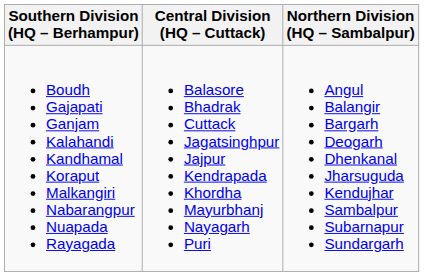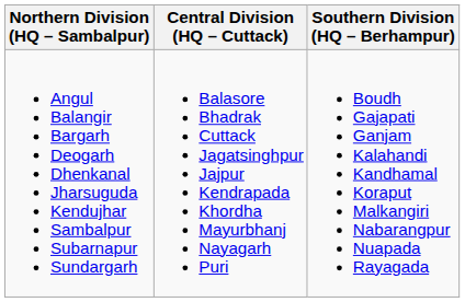 <table class="wikitable">
 <tr>
+<th>Northern Division<br>(HQ – Sambalpur)</th>
+<th>Central Division<br>(HQ – Cuttack)</th>
 <th>Southern Division<br>(HQ – Berhampur)</th>
-<th>Central Division<br>(HQ – Cuttack)</th>
-<th>Northern Division<br>(HQ – Sambalpur)</th>
 </tr>
 <tr>
+<td><br><ul><li><a href='#'>Angul</a></li><li><a href='#'>Balangir</a></li><li><a href='#'>Bargarh</a></li><li><a href='#'>Deogarh</a></li><li><a href='#'>Dhenkanal</a></li><li><a href='#'>Jharsuguda</a></li><li><a href='#'>Kendujhar</a></li><li><a href='#'>Sambalpur</a></li><li><a href='#'>Subarnapur</a></li><li><a href='#'>Sundargarh</a></li></ul></td>
+<td><br><ul><li><a href='#'>Balasore</a></li><li><a href='#'>Bhadrak</a></li><li><a href='#'>Cuttack</a></li><li><a href='#'>Jagatsinghpur</a></li><li><a href='#'>Jajpur</a></li><li><a href='#'>Kendrapada</a></li><li><a href='#'>Khordha</a></li><li><a href='#'>Mayurbhanj</a></li><li><a href='#'>Nayagarh</a></li><li><a href='#'>Puri</a></li></ul></td>
 <td><br><ul><li><a href='#'>Boudh</a></li><li><a href='#'>Gajapati</a></li><li><a href='#'>Ganjam</a></li><li><a href='#'>Kalahandi</a></li><li><a href='#'>Kandhamal</a></li><li><a href='#'>Koraput</a></li><li><a href='#'>Malkangiri</a></li><li><a href='#'>Nabarangpur</a></li><li><a href='#'>Nuapada</a></li><li><a href='#'>Rayagada</a></li></ul></td>
-<td><br><ul><li><a href='#'>Balasore</a></li><li><a href='#'>Bhadrak</a></li><li><a href='#'>Cuttack</a></li><li><a href='#'>Jagatsinghpur</a></li><li><a href='#'>Jajpur</a></li><li><a href='#'>Kendrapada</a></li><li><a href='#'>Khordha</a></li><li><a href='#'>Mayurbhanj</a></li><li><a href='#'>Nayagarh</a></li><li><a href='#'>Puri</a></li></ul></td>
-<td><br><ul><li><a href='#'>Angul</a></li><li><a href='#'>Balangir</a></li><li><a href='#'>Bargarh</a></li><li><a href='#'>Deogarh</a></li><li><a href='#'>Dhenkanal</a></li><li><a href='#'>Jharsuguda</a></li><li><a href='#'>Kendujhar</a></li><li><a href='#'>Sambalpur</a></li><li><a href='#'>Subarnapur</a></li><li><a href='#'>Sundargarh</a></li></ul></td>
 </tr>
 </table>
